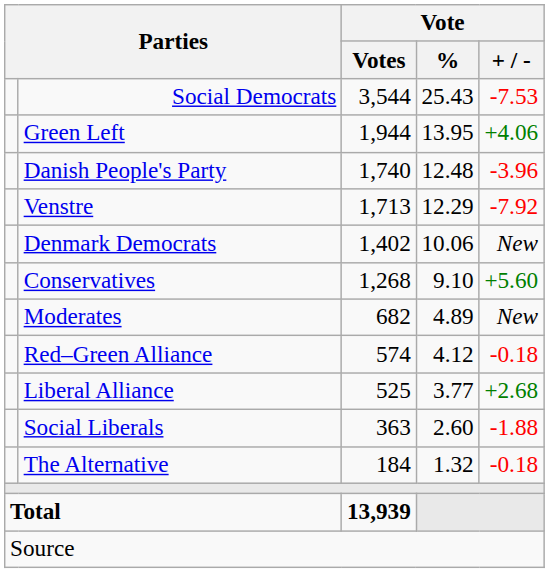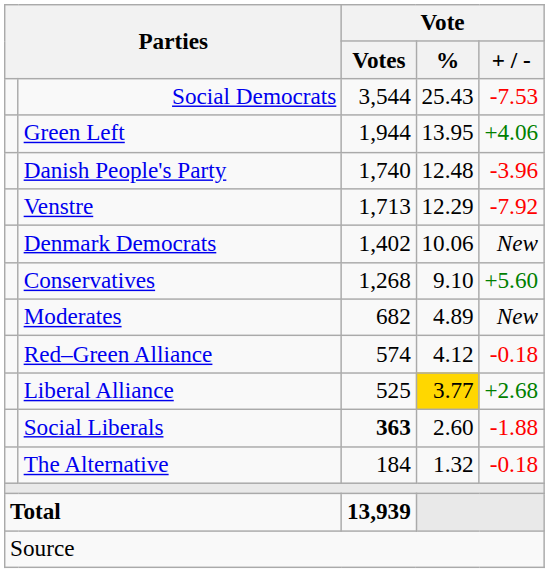 <table class="wikitable" style="text-align:right;">
 <tr>
 <th style="text-align:centre;" rowspan="2" colspan="2" width="225">Parties</th>
 <th colspan="3">Vote</th>
 </tr>
 <tr>
 <th width="15">Votes</th>
 <th width="15">%</th>
 <th width="15">+ / -</th>
 </tr>
 <tr>
 <td width=2 bgcolor=></td>
 <td><a href='#'>Social Democrats</a></td>
 <td>3,544</td>
 <td>25.43</td>
 <td style=color:red;>-7.53</td>
 </tr>
 <tr>
 <td width=2 bgcolor=></td>
 <td align=left><a href='#'>Green Left</a></td>
 <td>1,944</td>
 <td>13.95</td>
 <td style=color:green;>+4.06</td>
 </tr>
 <tr>
 <td width=2 bgcolor=></td>
 <td align=left><a href='#'>Danish People's Party</a></td>
 <td>1,740</td>
 <td>12.48</td>
 <td style=color:red;>-3.96</td>
 </tr>
 <tr>
 <td width=2 bgcolor=></td>
 <td align=left><a href='#'>Venstre</a></td>
 <td>1,713</td>
 <td>12.29</td>
 <td style=color:red;>-7.92</td>
 </tr>
 <tr>
 <td width=2 bgcolor=></td>
 <td align=left><a href='#'>Denmark Democrats</a></td>
 <td>1,402</td>
 <td>10.06</td>
 <td><em>New</em></td>
 </tr>
 <tr>
 <td width=2 bgcolor=></td>
 <td align=left><a href='#'>Conservatives</a></td>
 <td>1,268</td>
 <td>9.10</td>
 <td style=color:green;>+5.60</td>
 </tr>
 <tr>
 <td width=2 bgcolor=></td>
 <td align=left><a href='#'>Moderates</a></td>
 <td>682</td>
 <td>4.89</td>
 <td><em>New</em></td>
 </tr>
 <tr>
 <td width=2 bgcolor=></td>
 <td align=left><a href='#'>Red–Green Alliance</a></td>
 <td>574</td>
 <td>4.12</td>
 <td style=color:red;>-0.18</td>
 </tr>
 <tr>
 <td width=2 bgcolor=></td>
 <td align=left><a href='#'>Liberal Alliance</a></td>
 <td>525</td>
-<td>3.77</td>
+<td style="background: gold;">3.77</td>
 <td style=color:green;>+2.68</td>
 </tr>
 <tr>
 <td width=2 bgcolor=></td>
 <td align=left><a href='#'>Social Liberals</a></td>
-<td>363</td>
+<td><strong>363</strong></td>
 <td>2.60</td>
 <td style=color:red;>-1.88</td>
 </tr>
 <tr>
 <td width=2 bgcolor=></td>
 <td align=left><a href='#'>The Alternative</a></td>
 <td>184</td>
 <td>1.32</td>
 <td style=color:red;>-0.18</td>
 </tr>
 <tr>
 <td colspan="7" bgcolor="#E9E9E9"></td>
 </tr>
 <tr>
 <td align="left" colspan="2"><strong>Total</strong></td>
 <td><strong>13,939</strong></td>
 <td bgcolor=#E9E9E9 colspan=2></td>
 </tr>
 <tr>
 <td align="left" colspan="6">Source</td>
 </tr>
 </table>
